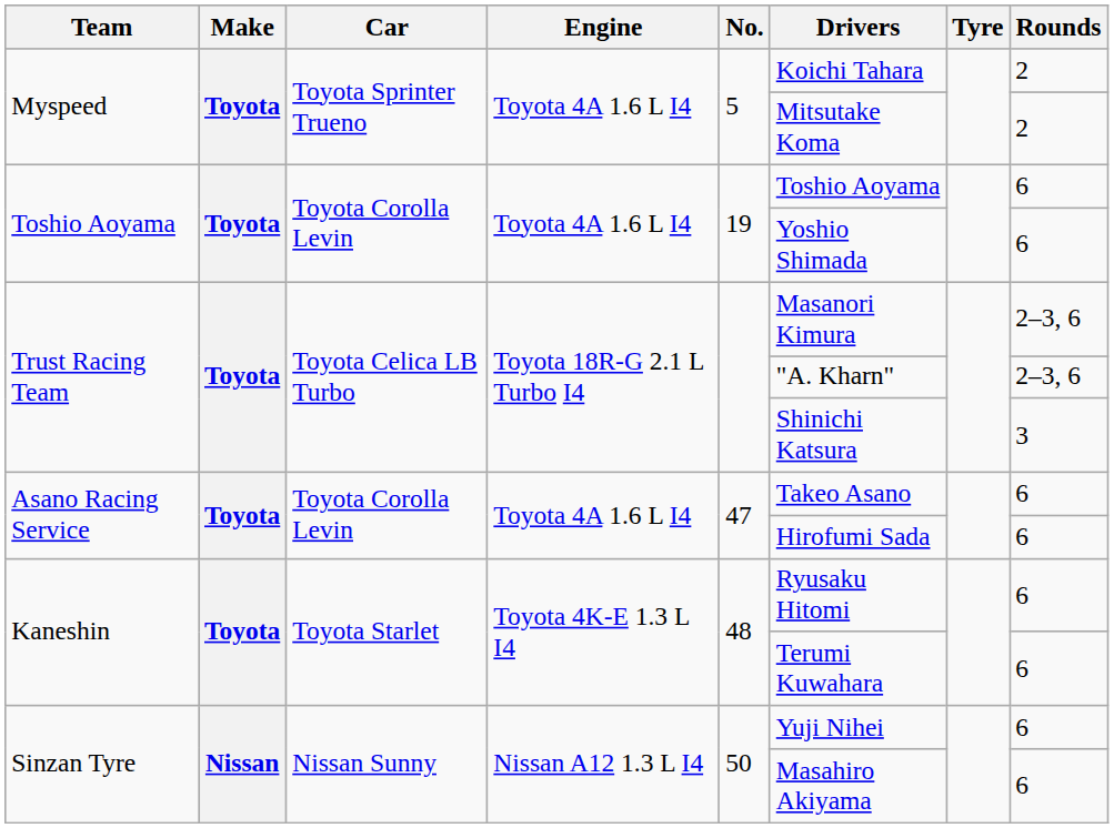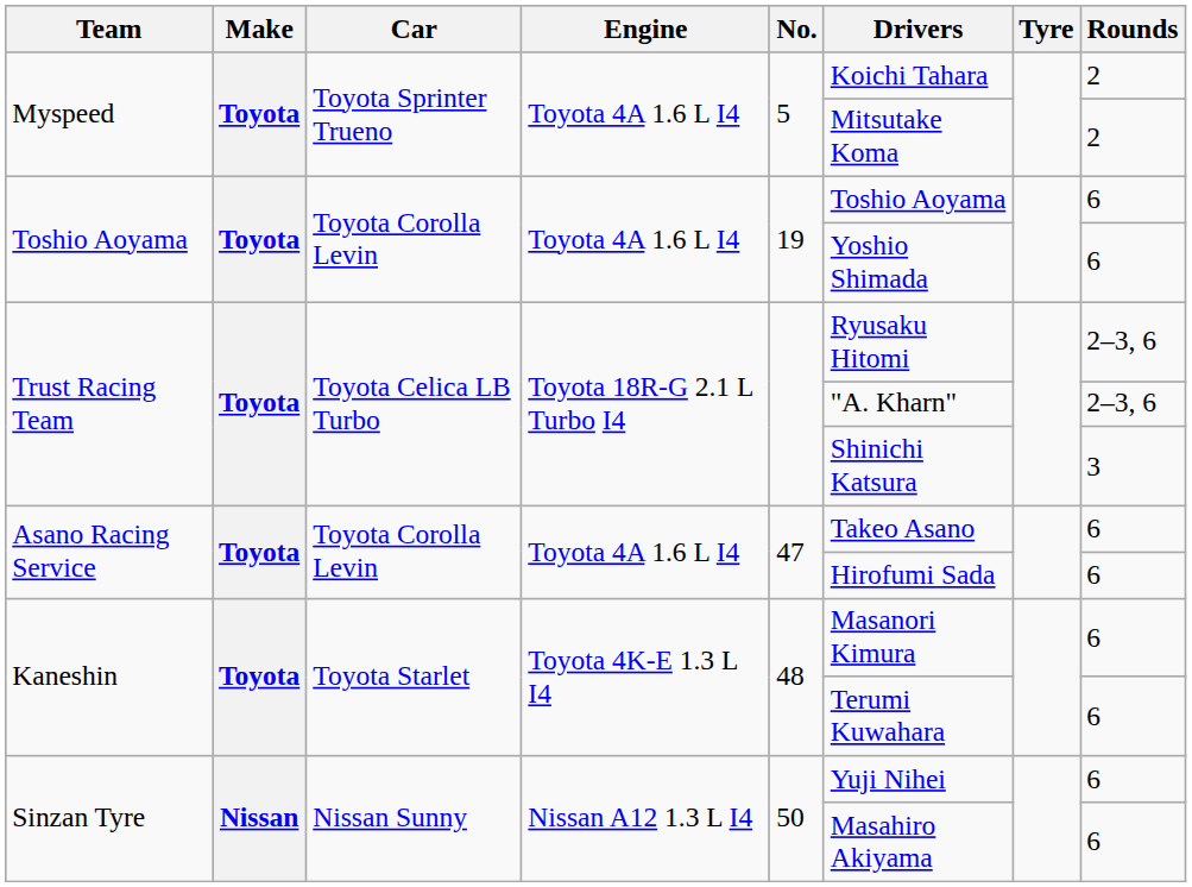 <table class="wikitable" style="font-size: 90%;">
 <tr>
 <th>Team</th>
 <th>Make</th>
 <th>Car</th>
 <th>Engine</th>
 <th>No.</th>
 <th>Drivers</th>
 <th>Tyre</th>
 <th>Rounds</th>
 </tr>
 <tr>
 <td rowspan=2>Myspeed</td>
 <th rowspan=2><a href='#'>Toyota</a></th>
 <td rowspan=2><a href='#'>Toyota Sprinter Trueno</a></td>
 <td rowspan=2><a href='#'>Toyota 4A</a> 1.6 L <a href='#'>I4</a></td>
 <td rowspan=2>5</td>
 <td> <a href='#'>Koichi Tahara</a></td>
 <td align=center rowspan=2></td>
 <td>2</td>
 </tr>
 <tr>
 <td> <a href='#'>Mitsutake Koma</a></td>
 <td>2</td>
 </tr>
 <tr>
 <td rowspan=2><a href='#'>Toshio Aoyama</a></td>
 <th rowspan=2><a href='#'>Toyota</a></th>
 <td rowspan=2><a href='#'>Toyota Corolla Levin</a></td>
 <td rowspan=2><a href='#'>Toyota 4A</a> 1.6 L <a href='#'>I4</a></td>
 <td rowspan=2>19</td>
 <td> <a href='#'>Toshio Aoyama</a></td>
 <td align=center rowspan=2></td>
 <td>6</td>
 </tr>
 <tr>
 <td> <a href='#'>Yoshio Shimada</a></td>
 <td>6</td>
 </tr>
 <tr>
 <td rowspan=3><a href='#'>Trust Racing Team</a></td>
 <th rowspan=3><a href='#'>Toyota</a></th>
 <td rowspan=3><a href='#'>Toyota Celica LB Turbo</a></td>
 <td rowspan=3><a href='#'>Toyota 18R-G</a> 2.1 L <a href='#'>Turbo</a> <a href='#'>I4</a></td>
 <td rowspan=3></td>
-<td> <a href='#'>Masanori Kimura</a></td>
+<td> <a href='#'>Ryusaku Hitomi</a></td>
 <td align=center rowspan=3></td>
 <td>2–3, 6</td>
 </tr>
 <tr>
 <td> "A. Kharn"</td>
 <td>2–3, 6</td>
 </tr>
 <tr>
 <td> <a href='#'>Shinichi Katsura</a></td>
 <td>3</td>
 </tr>
 <tr>
 <td rowspan=2><a href='#'>Asano Racing Service</a></td>
 <th rowspan=2><a href='#'>Toyota</a></th>
 <td rowspan=2><a href='#'>Toyota Corolla Levin</a></td>
 <td rowspan=2><a href='#'>Toyota 4A</a> 1.6 L <a href='#'>I4</a></td>
 <td rowspan=2>47</td>
 <td> <a href='#'>Takeo Asano</a></td>
 <td align=center rowspan=2></td>
 <td>6</td>
 </tr>
 <tr>
 <td> <a href='#'>Hirofumi Sada</a></td>
 <td>6</td>
 </tr>
 <tr>
 <td rowspan=2>Kaneshin</td>
 <th rowspan=2><a href='#'>Toyota</a></th>
 <td rowspan=2><a href='#'>Toyota Starlet</a></td>
 <td rowspan=2><a href='#'>Toyota 4K-E</a> 1.3 L <a href='#'>I4</a></td>
 <td rowspan=2>48</td>
-<td> <a href='#'>Ryusaku Hitomi</a></td>
+<td> <a href='#'>Masanori Kimura</a></td>
 <td align=center rowspan=2></td>
 <td>6</td>
 </tr>
 <tr>
 <td> <a href='#'>Terumi Kuwahara</a></td>
 <td>6</td>
 </tr>
 <tr>
 <td rowspan=2>Sinzan Tyre</td>
 <th rowspan=2><a href='#'>Nissan</a></th>
 <td rowspan=2><a href='#'>Nissan Sunny</a></td>
 <td rowspan=2><a href='#'>Nissan A12</a> 1.3 L <a href='#'>I4</a></td>
 <td rowspan=2>50</td>
 <td> <a href='#'>Yuji Nihei</a></td>
 <td align=center rowspan=2></td>
 <td>6</td>
 </tr>
 <tr>
 <td> <a href='#'>Masahiro Akiyama</a></td>
 <td>6</td>
 </tr>
 <tr>
 </tr>
 </table>
